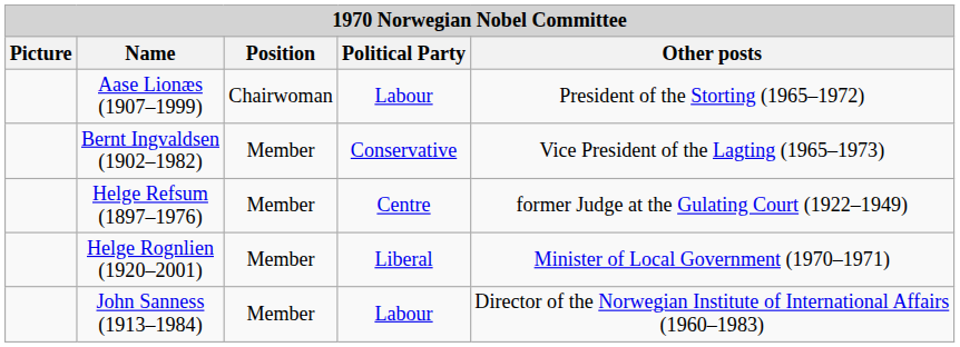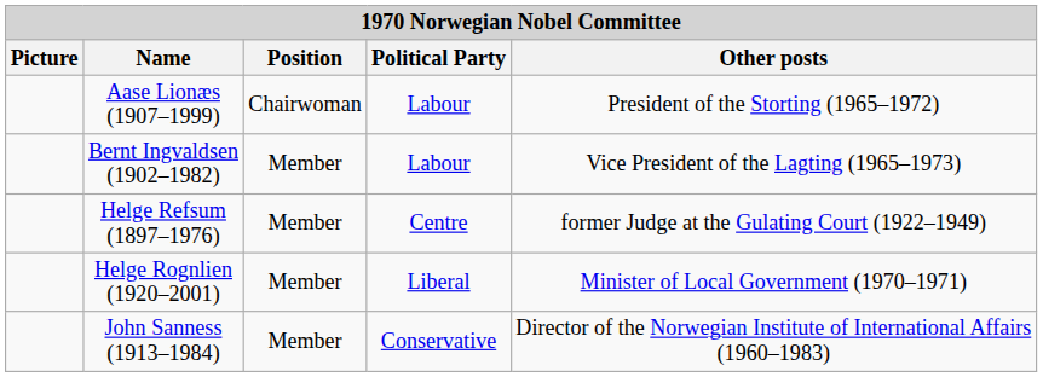 <table class="wikitable sortable">
 <tr>
 <td style="background:lightgrey;white-space:nowrap" colspan="6" align="center"><strong>1970 Norwegian Nobel Committee</strong></td>
 </tr>
 <tr>
 <th>Picture</th>
 <th>Name</th>
 <th>Position</th>
 <th>Political Party</th>
 <th>Other posts</th>
 </tr>
 <tr>
 <td></td>
 <td align="center"><a href='#'>Aase Lionæs</a> <br>(1907–1999)</td>
 <td align="center">Chairwoman</td>
 <td align="center"><a href='#'>Labour</a></td>
 <td align="center">President of the <a href='#'>Storting</a> (1965–1972)</td>
 </tr>
 <tr>
 <td></td>
 <td align="center"><a href='#'>Bernt Ingvaldsen</a> <br>(1902–1982)</td>
 <td align="center">Member</td>
-<td align="center"><a href='#'>Conservative</a></td>
+<td align="center"><a href='#'>Labour</a></td>
 <td align="center">Vice President of the <a href='#'>Lagting</a> (1965–1973)</td>
 </tr>
 <tr>
 <td></td>
 <td align="center"><a href='#'>Helge Refsum</a> <br>(1897–1976)</td>
 <td align="center">Member</td>
 <td align="center"><a href='#'>Centre</a></td>
 <td align="center">former Judge at the <a href='#'>Gulating Court</a> (1922–1949)</td>
 </tr>
 <tr>
 <td></td>
 <td align="center"><a href='#'>Helge Rognlien</a> <br>(1920–2001)</td>
 <td align="center">Member</td>
 <td align="center"><a href='#'>Liberal</a></td>
 <td align="center"><a href='#'>Minister of Local Government</a> (1970–1971)</td>
 </tr>
 <tr>
 <td></td>
 <td align="center"><a href='#'>John Sanness</a> <br>(1913–1984)</td>
 <td align="center">Member</td>
-<td align="center"><a href='#'>Labour</a></td>
+<td align="center"><a href='#'>Conservative</a></td>
 <td align="center">Director of the <a href='#'>Norwegian Institute of International Affairs</a> <br>(1960–1983)</td>
 </tr>
 </table>
